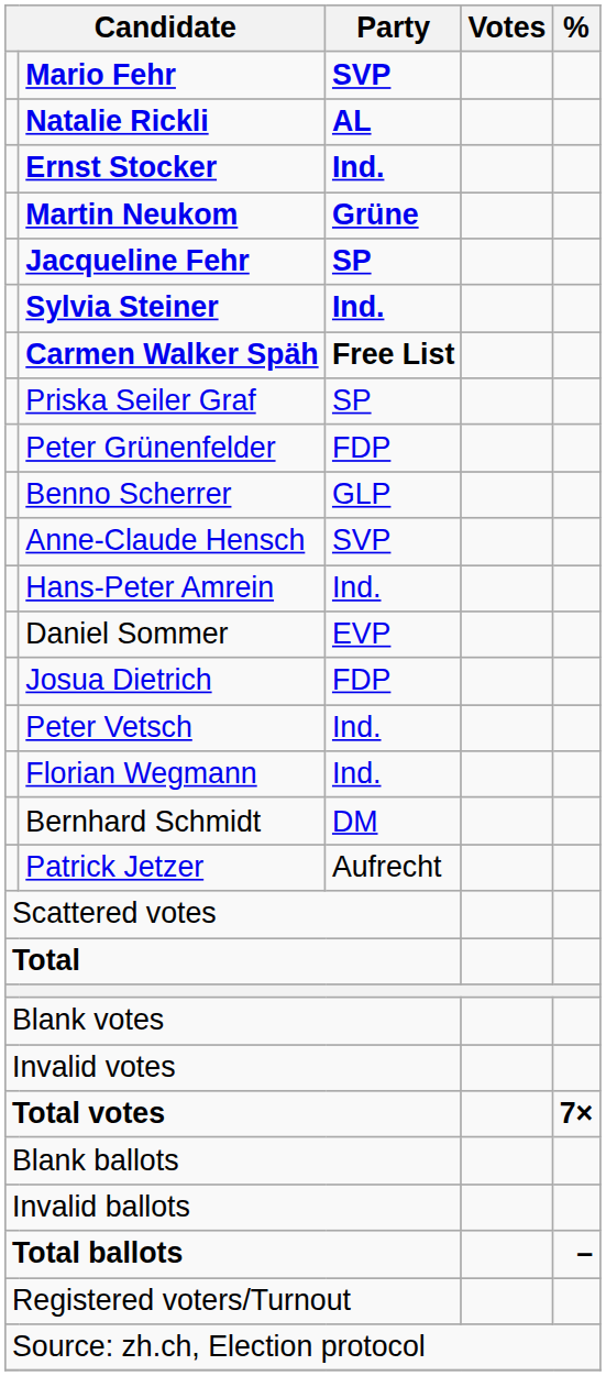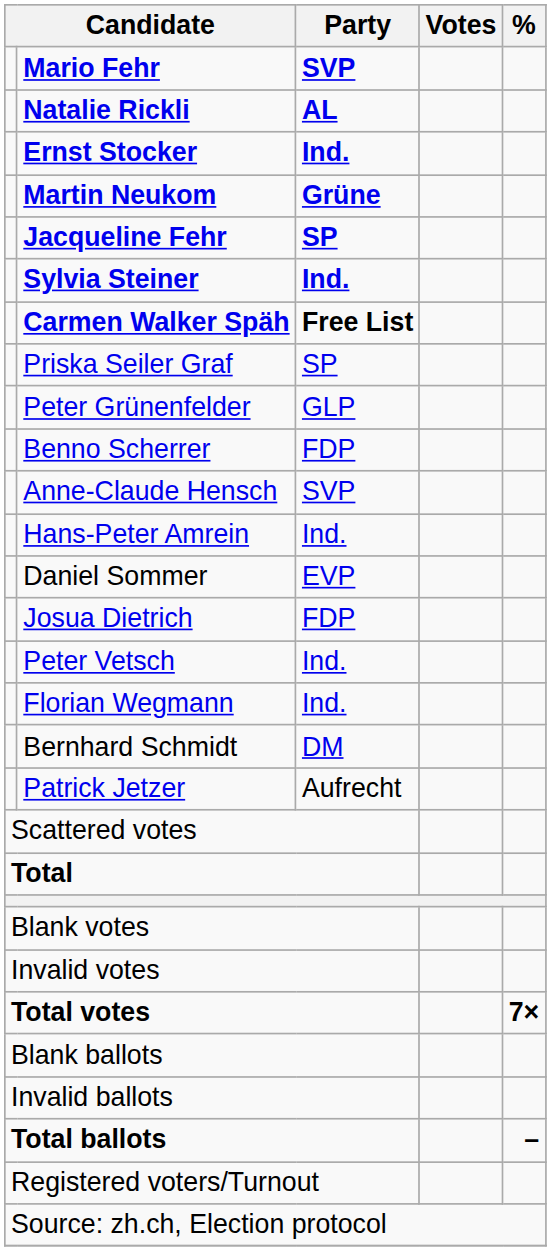 <table class="wikitable" style="text-align:right;">
 <tr>
 <th colspan="2">Candidate</th>
 <th>Party</th>
 <th>Votes</th>
 <th>%</th>
 </tr>
 <tr style="font-weight:bold;">
 <td style="background-color:"></td>
 <td style="text-align:left;"><a href='#'>Mario Fehr</a></td>
 <td style="text-align:left;"><a href='#'>SVP</a></td>
 <td></td>
 <td></td>
 </tr>
 <tr style="font-weight:bold;">
 <td style="background-color:"></td>
 <td style="text-align:left;"><a href='#'>Natalie Rickli</a></td>
 <td style="text-align:left;"><a href='#'>AL</a></td>
 <td></td>
 <td></td>
 </tr>
 <tr style="font-weight:bold;">
 <td style="background-color:"></td>
 <td style="text-align:left;"><a href='#'>Ernst Stocker</a></td>
 <td style="text-align:left;"><a href='#'>Ind.</a></td>
 <td></td>
 <td></td>
 </tr>
 <tr style="font-weight:bold;">
 <td style="background-color:"></td>
 <td style="text-align:left;"><a href='#'>Martin Neukom</a></td>
 <td style="text-align:left;"><a href='#'>Grüne</a></td>
 <td></td>
 <td></td>
 </tr>
 <tr style="font-weight:bold;">
 <td style="background-color:"></td>
 <td style="text-align:left;"><a href='#'>Jacqueline Fehr</a></td>
 <td style="text-align:left;"><a href='#'>SP</a></td>
 <td></td>
 <td></td>
 </tr>
 <tr style="font-weight:bold;">
 <td style="background-color:"></td>
 <td style="text-align:left;"><a href='#'>Sylvia Steiner</a></td>
 <td style="text-align:left;"><a href='#'>Ind.</a></td>
 <td></td>
 <td></td>
 </tr>
 <tr style="font-weight:bold;">
 <td style="background-color:"></td>
 <td style="text-align:left;"><a href='#'>Carmen Walker Späh</a></td>
 <td style="text-align:left;">Free List</td>
 <td></td>
 <td></td>
 </tr>
 <tr>
 <td style="background-color:"></td>
 <td style="text-align:left;"><a href='#'>Priska Seiler Graf</a></td>
 <td style="text-align:left;"><a href='#'>SP</a></td>
 <td></td>
 <td></td>
 </tr>
 <tr>
 <td style="background-color:"></td>
 <td style="text-align:left;"><a href='#'>Peter Grünenfelder</a></td>
-<td style="text-align:left;"><a href='#'>FDP</a></td>
+<td style="text-align:left;"><a href='#'>GLP</a></td>
 <td></td>
 <td></td>
 </tr>
 <tr>
 <td style="background-color:"></td>
 <td style="text-align:left;"><a href='#'>Benno Scherrer</a></td>
-<td style="text-align:left;"><a href='#'>GLP</a></td>
+<td style="text-align:left;"><a href='#'>FDP</a></td>
 <td></td>
 <td></td>
 </tr>
 <tr>
 <td style="background-color:"></td>
 <td style="text-align:left;"><a href='#'>Anne-Claude Hensch</a></td>
 <td style="text-align:left;"><a href='#'>SVP</a></td>
 <td></td>
 <td></td>
 </tr>
 <tr>
 <td style="background-color:"></td>
 <td style="text-align:left;"><a href='#'>Hans-Peter Amrein</a></td>
 <td style="text-align:left;"><a href='#'>Ind.</a></td>
 <td></td>
 <td></td>
 </tr>
 <tr>
 <td style="background-color:"></td>
 <td style="text-align:left;">Daniel Sommer</td>
 <td style="text-align:left;"><a href='#'>EVP</a></td>
 <td></td>
 <td></td>
 </tr>
 <tr>
 <td style="background-color:"></td>
 <td style="text-align:left;"><a href='#'>Josua Dietrich</a></td>
 <td style="text-align:left;"><a href='#'>FDP</a></td>
 <td></td>
 <td></td>
 </tr>
 <tr>
 <td style="background-color:"></td>
 <td style="text-align:left;"><a href='#'>Peter Vetsch</a></td>
 <td style="text-align:left;"><a href='#'>Ind.</a></td>
 <td></td>
 <td></td>
 </tr>
 <tr>
 <td style="background-color:"></td>
 <td style="text-align:left;"><a href='#'>Florian Wegmann</a></td>
 <td style="text-align:left;"><a href='#'>Ind.</a></td>
 <td></td>
 <td></td>
 </tr>
 <tr>
 <td style="background-color:"></td>
 <td style="text-align:left;">Bernhard Schmidt</td>
 <td style="text-align:left;"><a href='#'>DM</a></td>
 <td></td>
 <td></td>
 </tr>
 <tr>
 <td style="background-color:"></td>
 <td style="text-align:left;"><a href='#'>Patrick Jetzer</a></td>
 <td style="text-align:left;">Aufrecht</td>
 <td></td>
 <td></td>
 </tr>
 <tr>
 <td colspan="3" style="text-align:left;">Scattered votes</td>
 <td></td>
 <td></td>
 </tr>
 <tr style="font-weight:bold;">
 <td colspan="3" style="text-align:left;">Total</td>
 <td></td>
 <td></td>
 </tr>
 <tr>
 <th colspan="10"></th>
 </tr>
 <tr>
 <td colspan="3" style="text-align:left;">Blank votes</td>
 <td></td>
 <td></td>
 </tr>
 <tr>
 <td colspan="3" style="text-align:left;">Invalid votes</td>
 <td></td>
 <td></td>
 </tr>
 <tr style="font-weight:bold;">
 <td colspan="3" style="text-align:left;">Total votes</td>
 <td></td>
 <td>7×</td>
 </tr>
 <tr>
 <td colspan="3" style="text-align:left;">Blank ballots</td>
 <td></td>
 <td></td>
 </tr>
 <tr>
 <td colspan="3" style="text-align:left;">Invalid ballots</td>
 <td></td>
 <td></td>
 </tr>
 <tr style="font-weight:bold;">
 <td colspan="3" style="text-align:left;">Total ballots</td>
 <td></td>
 <td>–</td>
 </tr>
 <tr>
 <td colspan="3" style="text-align:left;">Registered voters/Turnout</td>
 <td></td>
 <td></td>
 </tr>
 <tr>
 <td colspan="10" style="text-align:left;">Source: zh.ch, Election protocol</td>
 </tr>
 <tr>
 </tr>
 </table>
